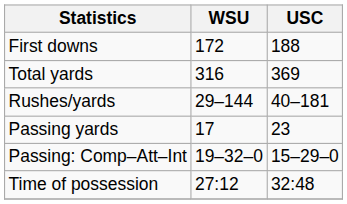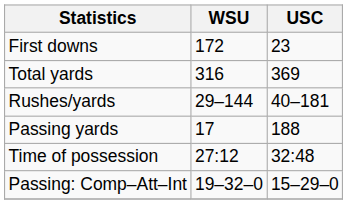 <table class="wikitable" style="float: left;">
 <tr>
 <th>Statistics</th>
 <th>WSU</th>
 <th>USC</th>
 </tr>
 <tr>
 <td>First downs</td>
 <td>172</td>
-<td>188</td>
+<td>23</td>
 </tr>
 <tr>
 <td>Total yards</td>
 <td>316</td>
 <td>369</td>
 </tr>
 <tr>
 <td>Rushes/yards</td>
 <td>29–144</td>
 <td>40–181</td>
 </tr>
 <tr>
 <td>Passing yards</td>
 <td>17</td>
-<td>23</td>
+<td>188</td>
+</tr>
+<tr>
+<td>Time of possession</td>
+<td>27:12</td>
+<td>32:48</td>
 </tr>
 <tr>
 <td>Passing: Comp–Att–Int</td>
 <td>19–32–0</td>
 <td>15–29–0</td>
 </tr>
 <tr>
-<td>Time of possession</td>
-<td>27:12</td>
-<td>32:48</td>
-</tr>
-<tr>
 </tr>
 </table>
